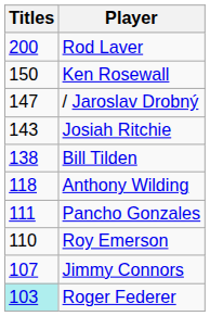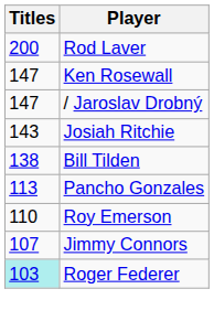 <table class=wikitable style="display:inline-table;">
 <tr>
 <th>Titles</th>
 <th>Player</th>
 </tr>
 <tr>
 <td><a href='#'>200</a></td>
 <td> <a href='#'>Rod Laver</a></td>
 </tr>
 <tr>
-<td>150</td>
+<td>147</td>
 <td> <a href='#'>Ken Rosewall</a></td>
 </tr>
 <tr>
 <td>147</td>
 <td>/ <a href='#'>Jaroslav Drobný</a></td>
 </tr>
 <tr>
 <td>143</td>
 <td> <a href='#'>Josiah Ritchie</a></td>
 </tr>
 <tr>
 <td><a href='#'>138</a></td>
 <td> <a href='#'>Bill Tilden</a></td>
 </tr>
 <tr>
-<td><a href='#'>118</a></td>
-<td> <a href='#'>Anthony Wilding</a></td>
-</tr>
-<tr>
-<td><a href='#'>111</a></td>
+<td><a href='#'>113</a></td>
 <td> <a href='#'>Pancho Gonzales</a></td>
 </tr>
 <tr>
 <td>110</td>
 <td> <a href='#'>Roy Emerson</a></td>
 </tr>
 <tr>
 <td><a href='#'>107</a></td>
 <td> <a href='#'>Jimmy Connors</a></td>
 </tr>
 <tr>
 <td style="background: paleturquoise;"><a href='#'>103</a></td>
 <td> <a href='#'>Roger Federer</a></td>
 </tr>
 </table>
